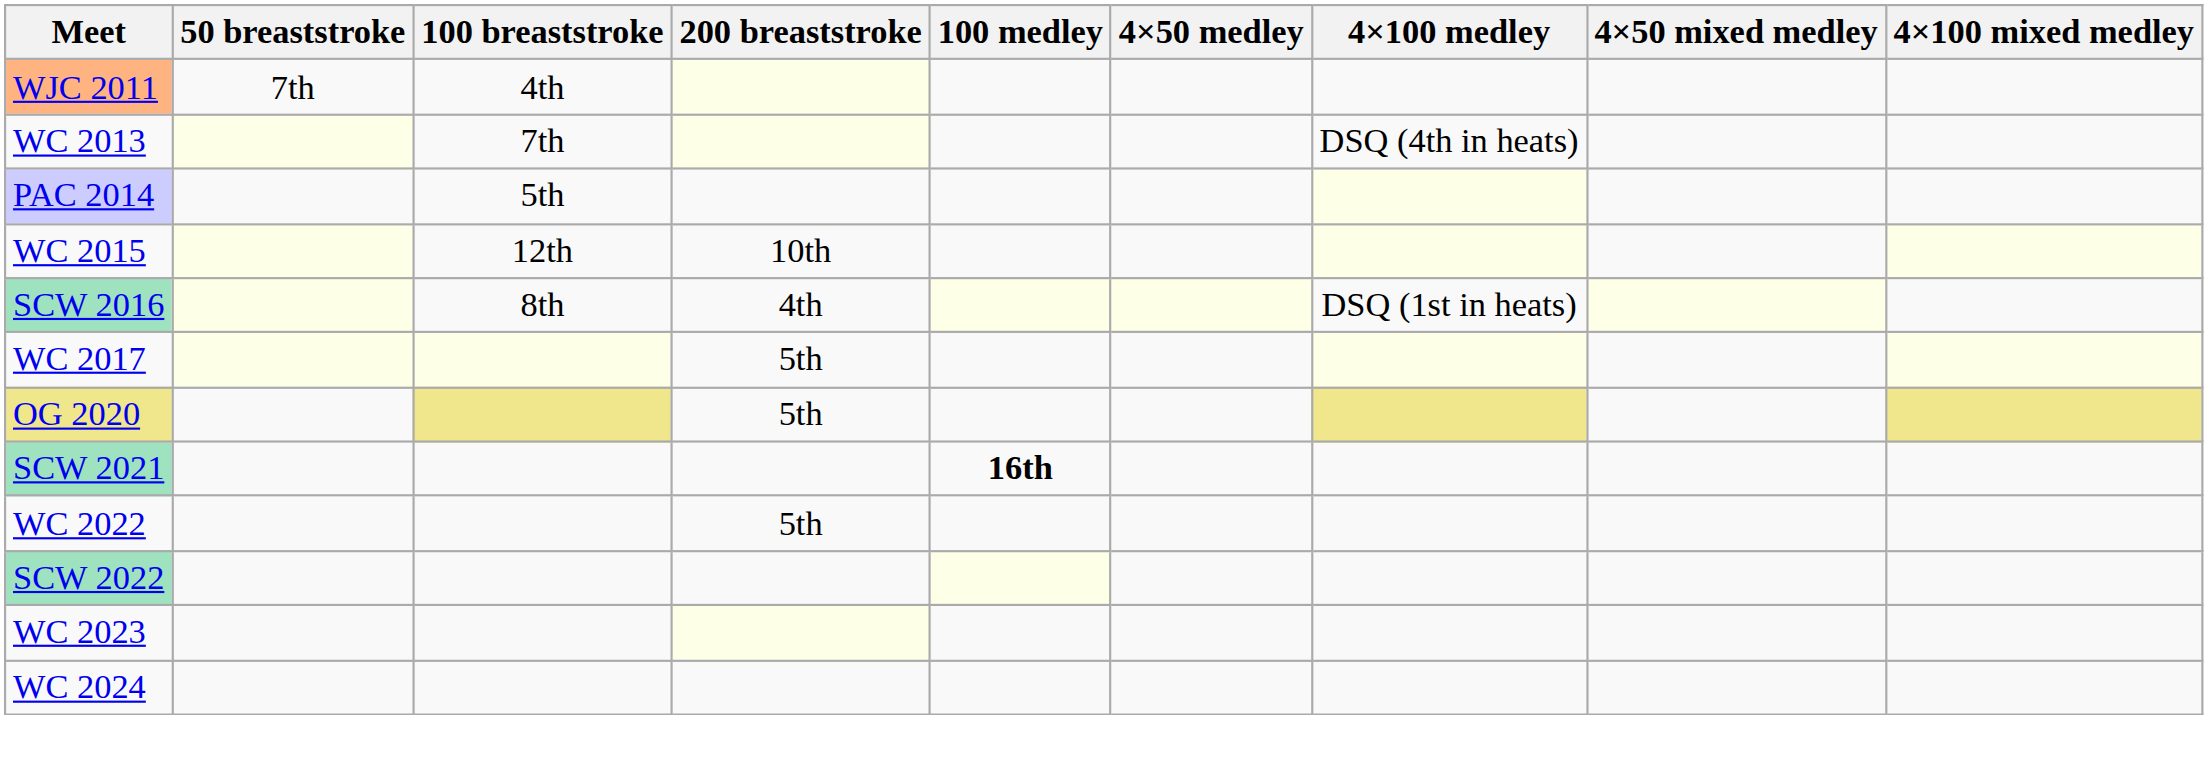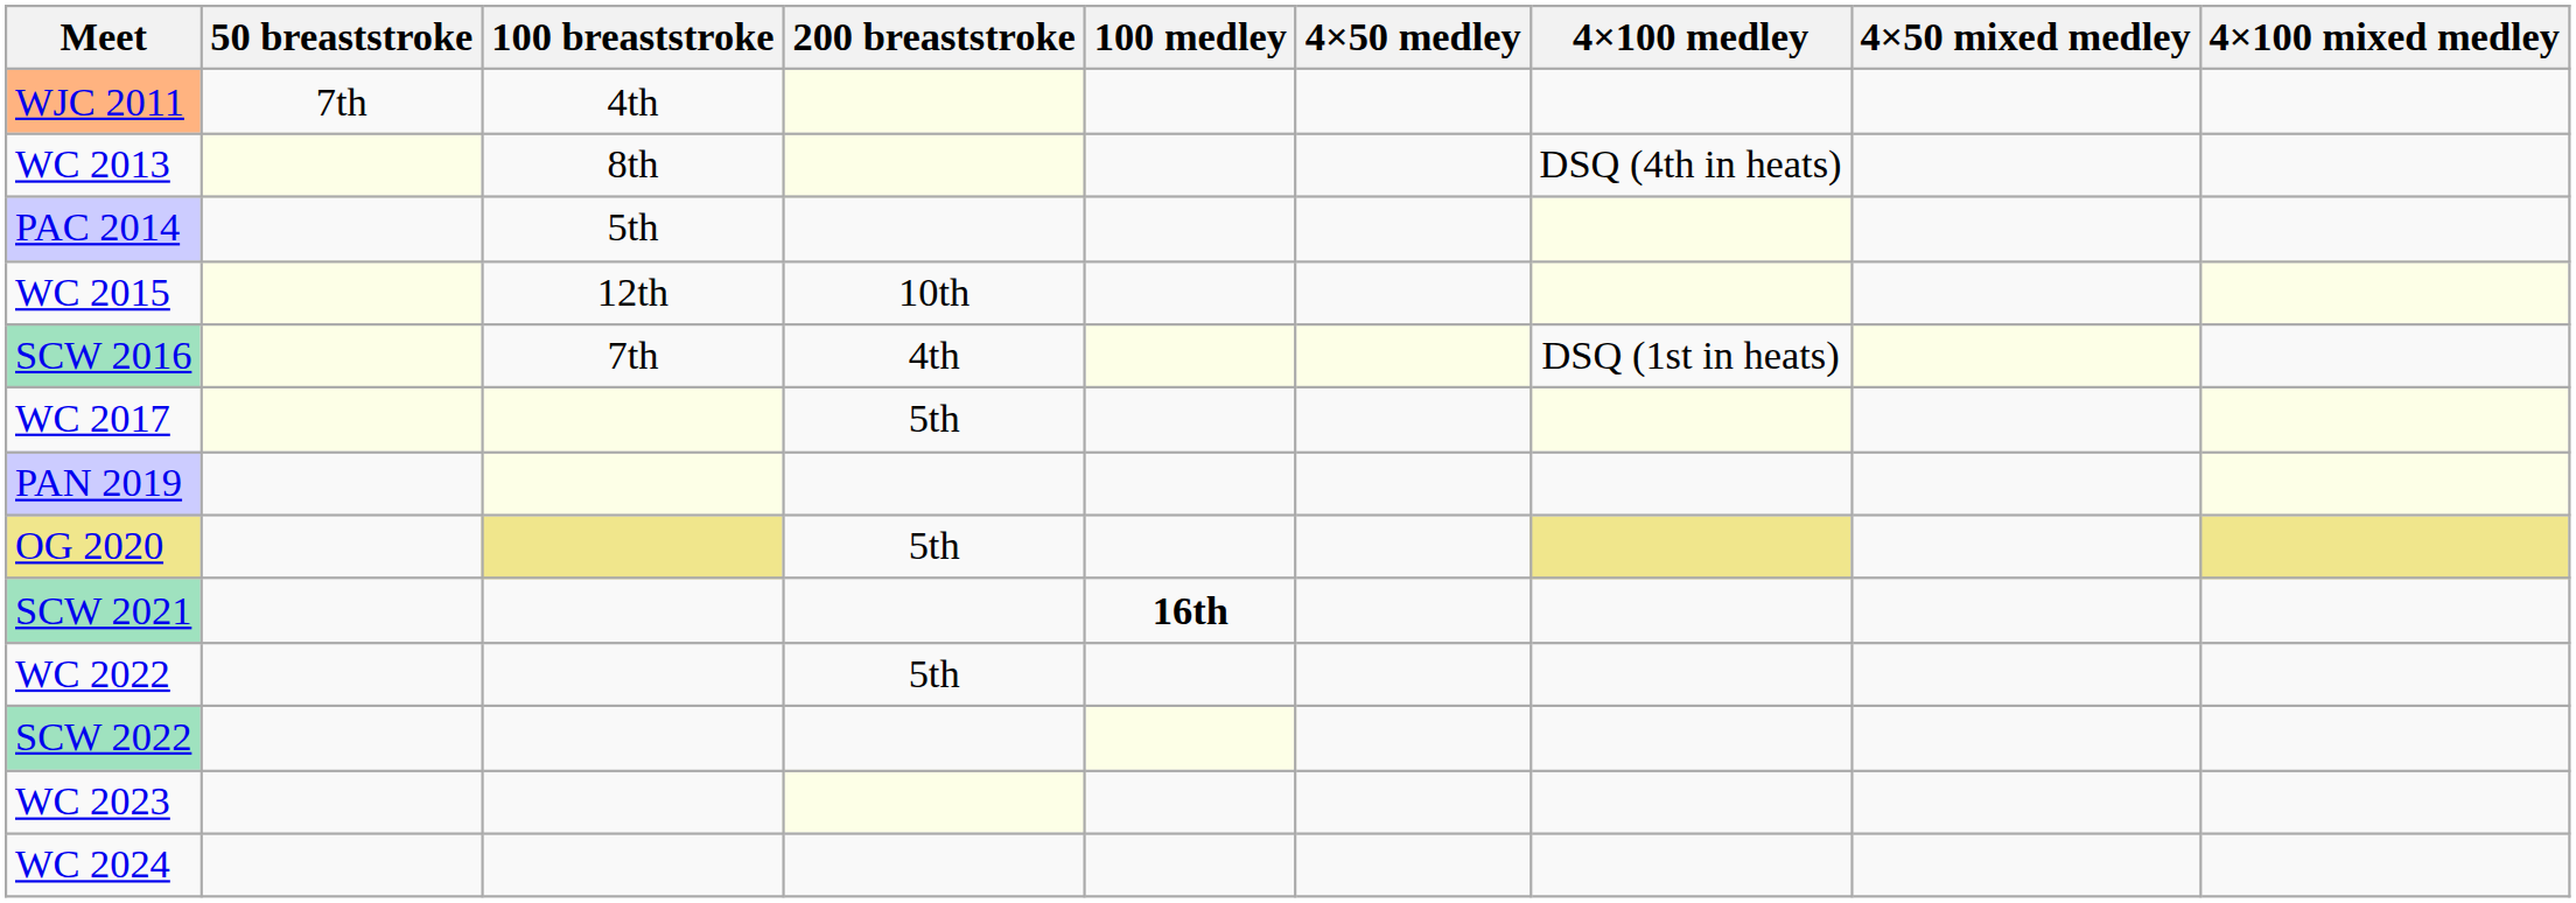 <table class="sortable wikitable">
 <tr>
 <th>Meet</th>
 <th class="unsortable">50 breaststroke</th>
 <th class="unsortable">100 breaststroke</th>
 <th class="unsortable">200 breaststroke</th>
 <th class="unsortable">100 medley</th>
 <th class="unsortable">4×50 medley</th>
 <th class="unsortable">4×100 medley</th>
 <th class="unsortable">4×50 mixed medley</th>
 <th class="unsortable">4×100 mixed medley</th>
 </tr>
 <tr>
 <td style="background:#ffb380"><a href='#'>WJC 2011</a></td>
 <td align="center">7th</td>
 <td align="center">4th</td>
 <td style="background:#fdffe7"></td>
 <td></td>
 <td></td>
 <td align="center"></td>
 <td></td>
 <td></td>
 </tr>
 <tr>
 <td><a href='#'>WC 2013</a></td>
 <td style="background:#fdffe7"></td>
-<td align="center">7th</td>
+<td align="center">8th</td>
 <td style="background:#fdffe7"></td>
 <td></td>
 <td></td>
 <td align="center">DSQ (4th in heats)</td>
 <td></td>
 <td></td>
 </tr>
 <tr>
 <td style="background:#ccccff"><a href='#'>PAC 2014</a></td>
 <td></td>
 <td align="center">5th</td>
 <td align="center"></td>
 <td></td>
 <td></td>
 <td style="background:#fdffe7"></td>
 <td></td>
 <td></td>
 </tr>
 <tr>
 <td><a href='#'>WC 2015</a></td>
 <td style="background:#fdffe7"></td>
 <td align="center">12th</td>
 <td align="center">10th</td>
 <td></td>
 <td></td>
 <td style="background:#fdffe7"></td>
 <td></td>
 <td style="background:#fdffe7"></td>
 </tr>
 <tr>
 <td style="background:#9fe2bf"><a href='#'>SCW 2016</a></td>
 <td style="background:#fdffe7"></td>
-<td align="center">8th</td>
+<td align="center">7th</td>
 <td align="center">4th</td>
 <td style="background:#fdffe7"></td>
 <td style="background:#fdffe7"></td>
 <td align="center">DSQ (1st in heats)</td>
 <td style="background:#fdffe7"></td>
 <td></td>
 </tr>
 <tr>
 <td><a href='#'>WC 2017</a></td>
 <td style="background:#fdffe7"></td>
 <td style="background:#fdffe7"></td>
 <td align="center">5th</td>
 <td></td>
 <td></td>
 <td style="background:#fdffe7"></td>
+<td></td>
+<td style="background:#fdffe7"></td>
+</tr>
+<tr>
+<td style="background:#ccccff"><a href='#'>PAN 2019</a></td>
+<td></td>
+<td style="background:#fdffe7"></td>
+<td align="center"></td>
+<td></td>
+<td></td>
+<td align="center"></td>
 <td></td>
 <td style="background:#fdffe7"></td>
 </tr>
 <tr>
 <td style="background:#f0e68c"><a href='#'>OG 2020</a></td>
 <td></td>
 <td style="background:#f0e68c"></td>
 <td align="center">5th</td>
 <td></td>
 <td></td>
 <td style="background:#f0e68c"></td>
 <td></td>
 <td style="background:#f0e68c"></td>
 </tr>
 <tr>
 <td style="background:#9fe2bf"><a href='#'>SCW 2021</a></td>
 <td align="center"></td>
 <td align="center"></td>
 <td align="center"></td>
 <td align="center"><strong>16th</strong></td>
 <td align="center"></td>
 <td align="center"></td>
 <td align="center"></td>
 <td></td>
 </tr>
 <tr>
 <td><a href='#'>WC 2022</a></td>
 <td align="center"></td>
 <td align="center"></td>
 <td align="center">5th</td>
 <td></td>
 <td></td>
 <td align="center"></td>
 <td></td>
 <td align="center"></td>
 </tr>
 <tr>
 <td style="background:#9fe2bf"><a href='#'>SCW 2022</a></td>
 <td align="center"></td>
 <td align="center"></td>
 <td align="center"></td>
 <td style="background:#fdffe7"></td>
 <td align="center"></td>
 <td align="center"></td>
 <td align="center"></td>
 <td></td>
 </tr>
 <tr>
 <td><a href='#'>WC 2023</a></td>
 <td align="center"></td>
 <td align="center"></td>
 <td style="background:#fdffe7"></td>
 <td></td>
 <td></td>
 <td align="center"></td>
 <td></td>
 <td align="center"></td>
 </tr>
 <tr>
 <td><a href='#'>WC 2024</a></td>
 <td align="center"></td>
 <td align="center"></td>
 <td align="center"></td>
 <td></td>
 <td></td>
 <td align="center"></td>
 <td></td>
 <td align="center"></td>
 </tr>
 </table>
